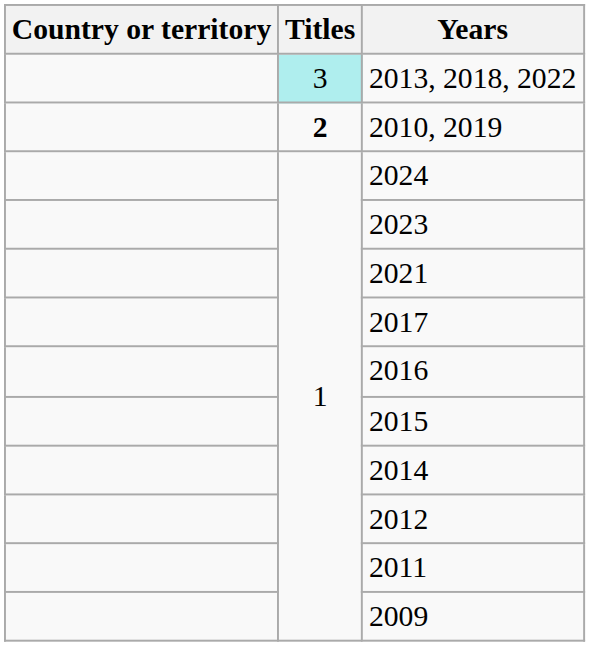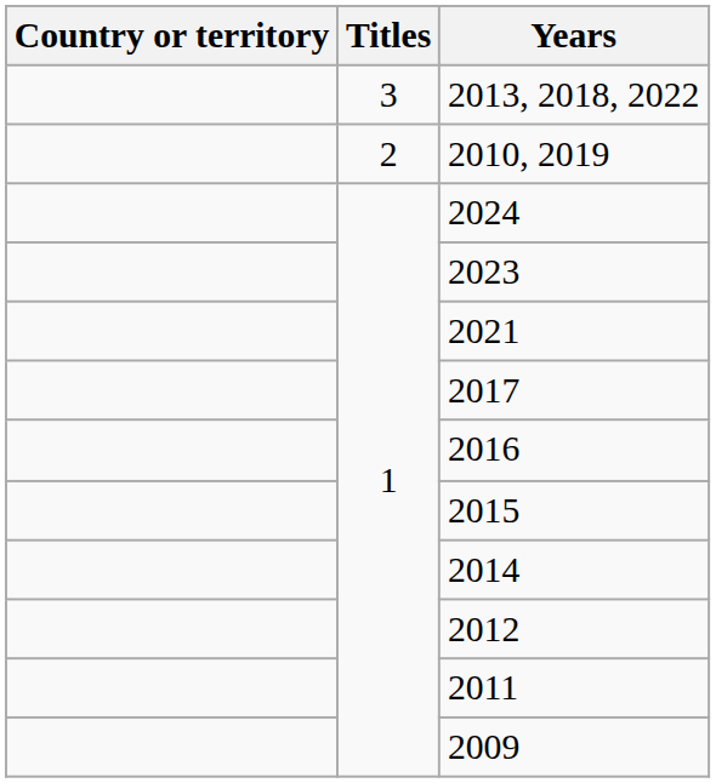 <table class="wikitable sortable" style="font-size: 95%">
 <tr>
 <th scope="col">Country or territory</th>
 <th scope="col">Titles</th>
 <th scope="col">Years</th>
 </tr>
 <tr>
 <td></td>
-<td style="background: paleturquoise; text-align:center;">3</td>
+<td style="text-align:center;">3</td>
 <td style="text-align:center;">2013, 2018, 2022</td>
 </tr>
 <tr>
 <td></td>
-<td rowspan="1" style="text-align:center;"><strong>2</strong></td>
+<td rowspan="1" style="text-align:center;">2</td>
 <td>2010, 2019</td>
 </tr>
 <tr>
 <td></td>
 <td rowspan="11" style="text-align:center;">1</td>
 <td>2024</td>
 </tr>
 <tr>
 <td></td>
 <td>2023</td>
 </tr>
 <tr>
 <td></td>
 <td>2021</td>
 </tr>
 <tr>
 <td></td>
 <td>2017</td>
 </tr>
 <tr>
 <td></td>
 <td>2016</td>
 </tr>
 <tr>
 <td></td>
 <td>2015</td>
 </tr>
 <tr>
 <td></td>
 <td>2014</td>
 </tr>
 <tr>
 <td></td>
 <td>2012</td>
 </tr>
 <tr>
 <td></td>
 <td>2011</td>
 </tr>
 <tr>
 <td></td>
 <td>2009</td>
 </tr>
 </table>
